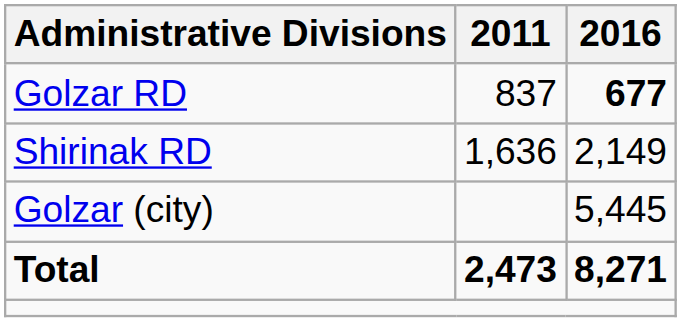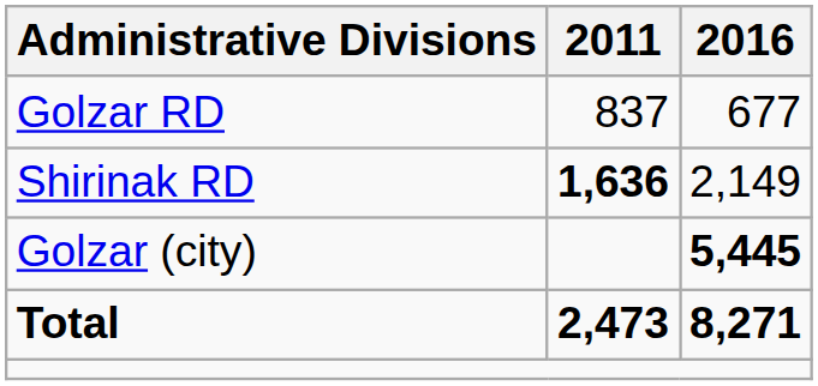 <table class="wikitable">
 <tr>
 <th>Administrative Divisions</th>
 <th>2011</th>
 <th>2016</th>
 </tr>
 <tr>
 <td><a href='#'>Golzar RD</a></td>
 <td style="text-align: right;">837</td>
-<td style="text-align: right;"><strong>677</strong></td>
+<td style="text-align: right;">677</td>
 </tr>
 <tr>
 <td><a href='#'>Shirinak RD</a></td>
-<td style="text-align: right;">1,636</td>
+<td style="text-align: right;"><strong>1,636</strong></td>
 <td style="text-align: right;">2,149</td>
 </tr>
 <tr>
 <td><a href='#'>Golzar</a> (city)</td>
 <td style="text-align: right;"></td>
-<td style="text-align: right;">5,445</td>
+<td style="text-align: right;"><strong>5,445</strong></td>
 </tr>
 <tr>
 <td><strong>Total</strong></td>
 <td style="text-align: right;"><strong>2,473</strong></td>
 <td style="text-align: right;"><strong>8,271</strong></td>
 </tr>
 <tr>
 <td colspan=4></td>
 </tr>
 </table>
